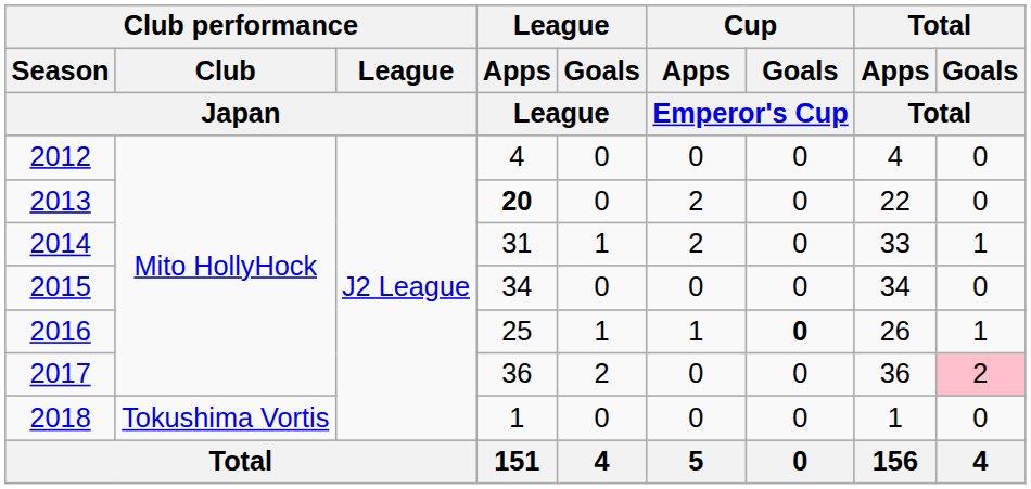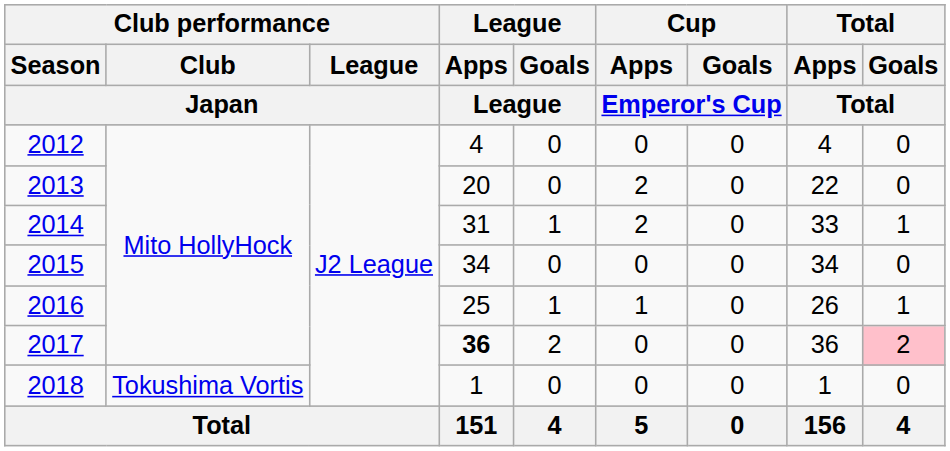 <table class="wikitable" style="text-align:center;">
 <tr>
 <th colspan=3>Club performance</th>
 <th colspan=2>League</th>
 <th colspan=2>Cup</th>
 <th colspan=2>Total</th>
 </tr>
 <tr>
 <th>Season</th>
 <th>Club</th>
 <th>League</th>
 <th>Apps</th>
 <th>Goals</th>
 <th>Apps</th>
 <th>Goals</th>
 <th>Apps</th>
 <th>Goals</th>
 </tr>
 <tr>
 <th colspan=3>Japan</th>
 <th colspan=2>League</th>
 <th colspan=2><a href='#'>Emperor's Cup</a></th>
 <th colspan=2>Total</th>
 </tr>
 <tr>
 <td><a href='#'>2012</a></td>
 <td rowspan="6"><a href='#'>Mito HollyHock</a></td>
 <td rowspan="7"><a href='#'>J2 League</a></td>
 <td>4</td>
 <td>0</td>
 <td>0</td>
 <td>0</td>
 <td>4</td>
 <td>0</td>
 </tr>
 <tr>
 <td><a href='#'>2013</a></td>
-<td><strong>20</strong></td>
+<td>20</td>
 <td>0</td>
 <td>2</td>
 <td>0</td>
 <td>22</td>
 <td>0</td>
 </tr>
 <tr>
 <td><a href='#'>2014</a></td>
 <td>31</td>
 <td>1</td>
 <td>2</td>
 <td>0</td>
 <td>33</td>
 <td>1</td>
 </tr>
 <tr>
 <td><a href='#'>2015</a></td>
 <td>34</td>
 <td>0</td>
 <td>0</td>
 <td>0</td>
 <td>34</td>
 <td>0</td>
 </tr>
 <tr>
 <td><a href='#'>2016</a></td>
 <td>25</td>
 <td>1</td>
 <td>1</td>
-<td><strong>0</strong></td>
+<td>0</td>
 <td>26</td>
 <td>1</td>
 </tr>
 <tr>
 <td><a href='#'>2017</a></td>
-<td>36</td>
+<td><strong>36</strong></td>
 <td>2</td>
 <td>0</td>
 <td>0</td>
 <td>36</td>
 <td style="background: pink;">2</td>
 </tr>
 <tr>
 <td><a href='#'>2018</a></td>
 <td rowspan=1><a href='#'>Tokushima Vortis</a></td>
 <td>1</td>
 <td>0</td>
 <td>0</td>
 <td>0</td>
 <td>1</td>
 <td>0</td>
 </tr>
 <tr>
 <th colspan=3>Total</th>
 <th>151</th>
 <th>4</th>
 <th>5</th>
 <th>0</th>
 <th>156</th>
 <th>4</th>
 </tr>
 </table>
